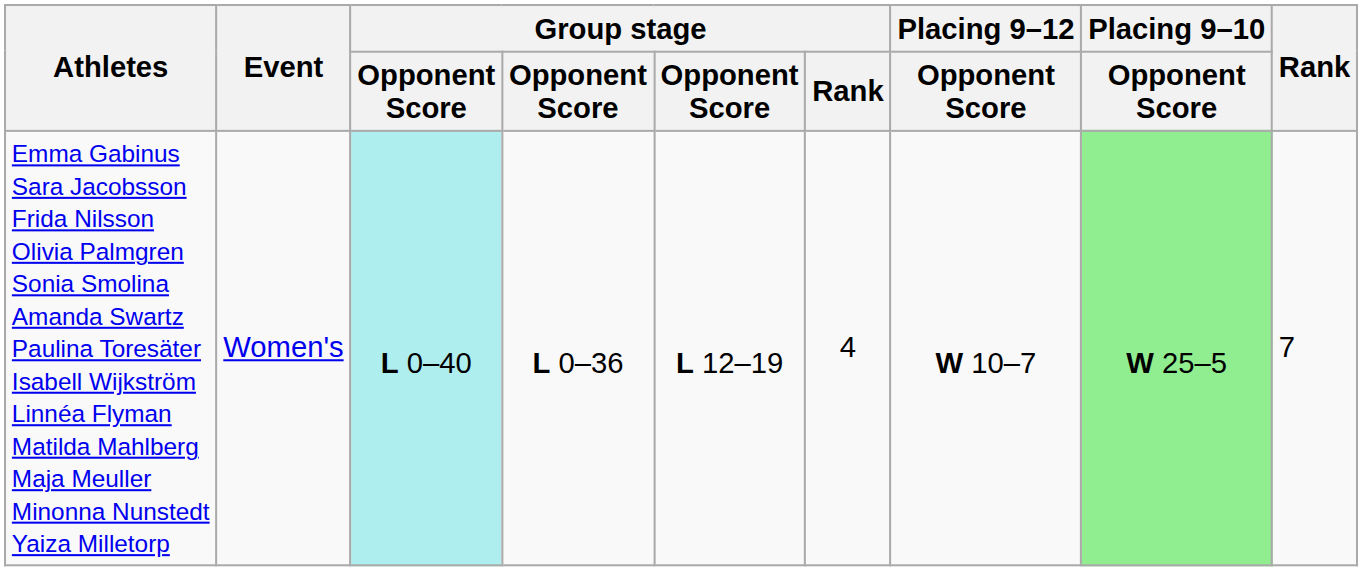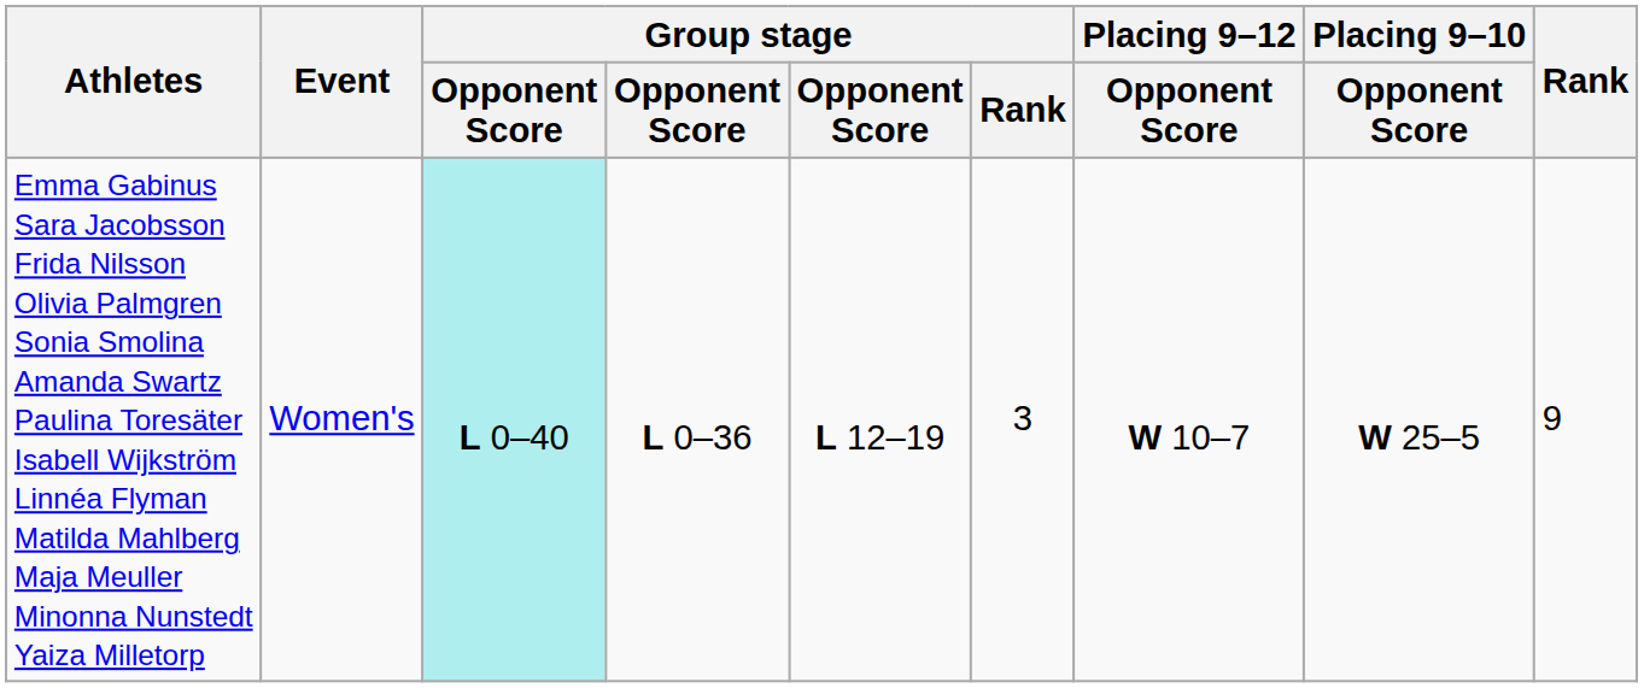 <table class="wikitable sortable" style="text-align:left; font-size:90%">
 <tr>
 <th rowspan="2">Athletes</th>
 <th rowspan="2">Event</th>
 <th colspan="4">Group stage</th>
 <th>Placing 9–12</th>
 <th>Placing 9–10</th>
 <th rowspan="2">Rank</th>
 </tr>
 <tr>
 <th>Opponent<br>Score</th>
 <th>Opponent<br>Score</th>
 <th>Opponent<br>Score</th>
 <th>Rank</th>
 <th>Opponent<br>Score</th>
 <th>Opponent<br>Score</th>
 </tr>
 <tr>
 <td><small><a href='#'>Emma Gabinus</a><br><a href='#'>Sara Jacobsson</a><br><a href='#'>Frida Nilsson</a> <br><a href='#'>Olivia Palmgren</a><br><a href='#'>Sonia Smolina</a><br><a href='#'>Amanda Swartz</a><br><a href='#'>Paulina Toresäter</a><br></small><small><a href='#'>Isabell Wijkström</a><br><a href='#'>Linnéa Flyman</a><br><a href='#'>Matilda Mahlberg</a><br><a href='#'>Maja Meuller</a><br><a href='#'>Minonna Nunstedt</a><br><a href='#'>Yaiza Milletorp</a><br></small></td>
 <td><a href='#'>Women's</a></td>
 <td align=center style="background: paleturquoise;"><br><strong>L</strong> 0–40</td>
 <td align=center><br><strong>L</strong> 0–36</td>
 <td align=center><br><strong>L</strong> 12–19</td>
-<td align=center>4</td>
+<td align=center>3</td>
 <td align=center><br><strong>W</strong> 10–7</td>
-<td align=center style="background: lightgreen;"><br><strong>W</strong> 25–5</td>
-<td>7</td>
+<td align=center><br><strong>W</strong> 25–5</td>
+<td>9</td>
 </tr>
 </table>
